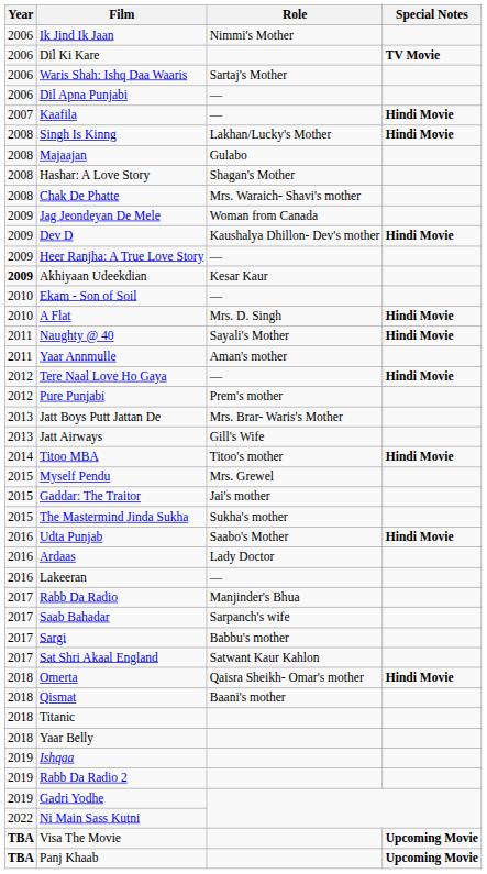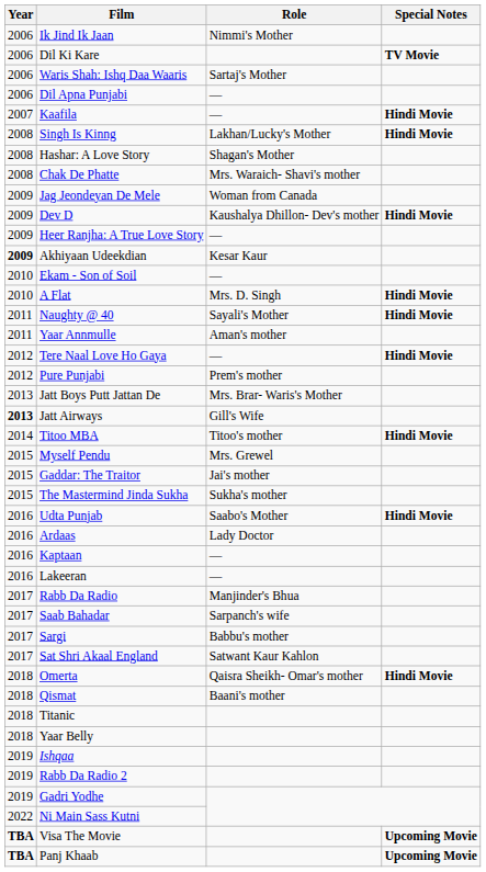 <table class="wikitable" style="align:centre;">
 <tr>
 <th>Year</th>
 <th>Film</th>
 <th>Role</th>
 <th>Special Notes</th>
 </tr>
 <tr>
 <td>2006</td>
 <td><a href='#'>Ik Jind Ik Jaan</a></td>
 <td>Nimmi's Mother</td>
 <td></td>
 </tr>
 <tr>
 <td>2006</td>
 <td>Dil Ki Kare</td>
 <td></td>
 <td><strong>TV Movie</strong></td>
 </tr>
 <tr>
 <td>2006</td>
 <td><a href='#'>Waris Shah: Ishq Daa Waaris</a></td>
 <td>Sartaj's Mother</td>
 <td></td>
 </tr>
 <tr>
 <td>2006</td>
 <td><a href='#'>Dil Apna Punjabi</a></td>
 <td>—</td>
 <td></td>
 </tr>
 <tr>
 <td>2007</td>
 <td><a href='#'>Kaafila</a></td>
 <td>—</td>
 <td><strong>Hindi Movie</strong></td>
 </tr>
 <tr>
 <td>2008</td>
 <td><a href='#'>Singh Is Kinng</a></td>
 <td>Lakhan/Lucky's Mother</td>
 <td><strong>Hindi Movie</strong></td>
-</tr>
-<tr>
-<td>2008</td>
-<td><a href='#'>Majaajan</a></td>
-<td>Gulabo</td>
-<td></td>
 </tr>
 <tr>
 <td>2008</td>
 <td>Hashar: A Love Story</td>
 <td>Shagan's Mother</td>
 <td></td>
 </tr>
 <tr>
 <td>2008</td>
 <td><a href='#'>Chak De Phatte</a></td>
 <td>Mrs. Waraich- Shavi's mother</td>
 <td></td>
 </tr>
 <tr>
 <td>2009</td>
 <td><a href='#'>Jag Jeondeyan De Mele</a></td>
 <td>Woman from Canada</td>
 <td></td>
 </tr>
 <tr>
 <td>2009</td>
 <td><a href='#'>Dev D</a></td>
 <td>Kaushalya Dhillon- Dev's mother</td>
 <td><strong>Hindi Movie</strong></td>
 </tr>
 <tr>
 <td>2009</td>
 <td><a href='#'>Heer Ranjha: A True Love Story</a></td>
 <td>—</td>
 <td></td>
 </tr>
 <tr>
 <td><strong>2009</strong></td>
 <td>Akhiyaan Udeekdian</td>
 <td>Kesar Kaur</td>
 <td></td>
 </tr>
 <tr>
 <td>2010</td>
 <td><a href='#'>Ekam - Son of Soil</a></td>
 <td>—</td>
 <td></td>
 </tr>
 <tr>
 <td>2010</td>
 <td><a href='#'>A Flat</a></td>
 <td>Mrs. D. Singh</td>
 <td><strong>Hindi Movie</strong></td>
 </tr>
 <tr>
 <td>2011</td>
 <td><a href='#'>Naughty @ 40</a></td>
 <td>Sayali's Mother</td>
 <td><strong>Hindi Movie</strong></td>
 </tr>
 <tr>
 <td>2011</td>
 <td><a href='#'>Yaar Annmulle</a></td>
 <td>Aman's mother</td>
 <td></td>
 </tr>
 <tr>
 <td>2012</td>
 <td><a href='#'>Tere Naal Love Ho Gaya</a></td>
 <td>—</td>
 <td><strong>Hindi Movie</strong></td>
 </tr>
 <tr>
 <td>2012</td>
 <td><a href='#'>Pure Punjabi</a></td>
 <td>Prem's mother</td>
 <td></td>
 </tr>
 <tr>
 <td>2013</td>
 <td>Jatt Boys Putt Jattan De</td>
 <td>Mrs. Brar- Waris's Mother</td>
 <td></td>
 </tr>
 <tr>
-<td>2013</td>
+<td><strong>2013</strong></td>
 <td>Jatt Airways</td>
 <td>Gill's Wife</td>
 <td></td>
 </tr>
 <tr>
 <td>2014</td>
 <td><a href='#'>Titoo MBA</a></td>
 <td>Titoo's mother</td>
 <td><strong>Hindi Movie</strong></td>
 </tr>
 <tr>
 <td>2015</td>
 <td><a href='#'>Myself Pendu</a></td>
 <td>Mrs. Grewel</td>
 <td></td>
 </tr>
 <tr>
 <td>2015</td>
 <td><a href='#'>Gaddar: The Traitor</a></td>
 <td>Jai's mother</td>
 <td></td>
 </tr>
 <tr>
 <td>2015</td>
 <td><a href='#'>The Mastermind Jinda Sukha</a></td>
 <td>Sukha's mother</td>
 <td></td>
 </tr>
 <tr>
 <td>2016</td>
 <td><a href='#'>Udta Punjab</a></td>
 <td>Saabo's Mother</td>
 <td><strong>Hindi Movie</strong></td>
 </tr>
 <tr>
 <td>2016</td>
 <td><a href='#'>Ardaas</a></td>
 <td>Lady Doctor</td>
+<td></td>
+</tr>
+<tr>
+<td>2016</td>
+<td><a href='#'>Kaptaan</a></td>
+<td>—</td>
 <td></td>
 </tr>
 <tr>
 <td>2016</td>
 <td>Lakeeran</td>
 <td>—</td>
 <td></td>
 </tr>
 <tr>
 <td>2017</td>
 <td><a href='#'>Rabb Da Radio</a></td>
 <td>Manjinder's Bhua</td>
 <td></td>
 </tr>
 <tr>
 <td>2017</td>
 <td><a href='#'>Saab Bahadar</a></td>
 <td>Sarpanch's wife</td>
 <td></td>
 </tr>
 <tr>
 <td>2017</td>
 <td><a href='#'>Sargi</a></td>
 <td>Babbu's mother</td>
 <td></td>
 </tr>
 <tr>
 <td>2017</td>
 <td><a href='#'>Sat Shri Akaal England</a></td>
 <td>Satwant Kaur Kahlon</td>
 <td></td>
 </tr>
 <tr>
 <td>2018</td>
 <td><a href='#'>Omerta</a></td>
 <td>Qaisra Sheikh- Omar's mother</td>
 <td><strong>Hindi Movie</strong></td>
 </tr>
 <tr>
 <td>2018</td>
 <td><a href='#'>Qismat</a></td>
 <td>Baani's mother</td>
 <td></td>
 </tr>
 <tr>
 <td>2018</td>
 <td>Titanic</td>
 <td></td>
 <td></td>
 </tr>
 <tr>
 <td>2018</td>
 <td>Yaar Belly</td>
 <td></td>
 <td></td>
 </tr>
 <tr>
 <td>2019</td>
 <td><em><a href='#'>Ishqaa</a></em></td>
 <td></td>
 <td></td>
 </tr>
 <tr>
 <td>2019</td>
 <td><a href='#'>Rabb Da Radio 2</a></td>
 <td></td>
 <td></td>
 </tr>
 <tr>
 <td>2019</td>
 <td><a href='#'>Gadri Yodhe</a></td>
 </tr>
 <tr>
 <td>2022</td>
 <td><a href='#'>Ni Main Sass Kutni</a></td>
 </tr>
 <tr>
 <td><strong>TBA</strong></td>
 <td>Visa The Movie</td>
 <td></td>
 <td><strong>Upcoming Movie</strong></td>
 </tr>
 <tr>
 <td><strong>TBA</strong></td>
 <td>Panj Khaab</td>
 <td></td>
 <td><strong>Upcoming Movie</strong></td>
 </tr>
 </table>
